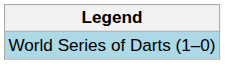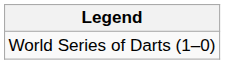 <table class="wikitable">
 <tr>
 <th>Legend</th>
 </tr>
 <tr>
-<td style="background: lightblue;">World Series of Darts (1–0)</td>
+<td>World Series of Darts (1–0)</td>
 </tr>
 </table>
